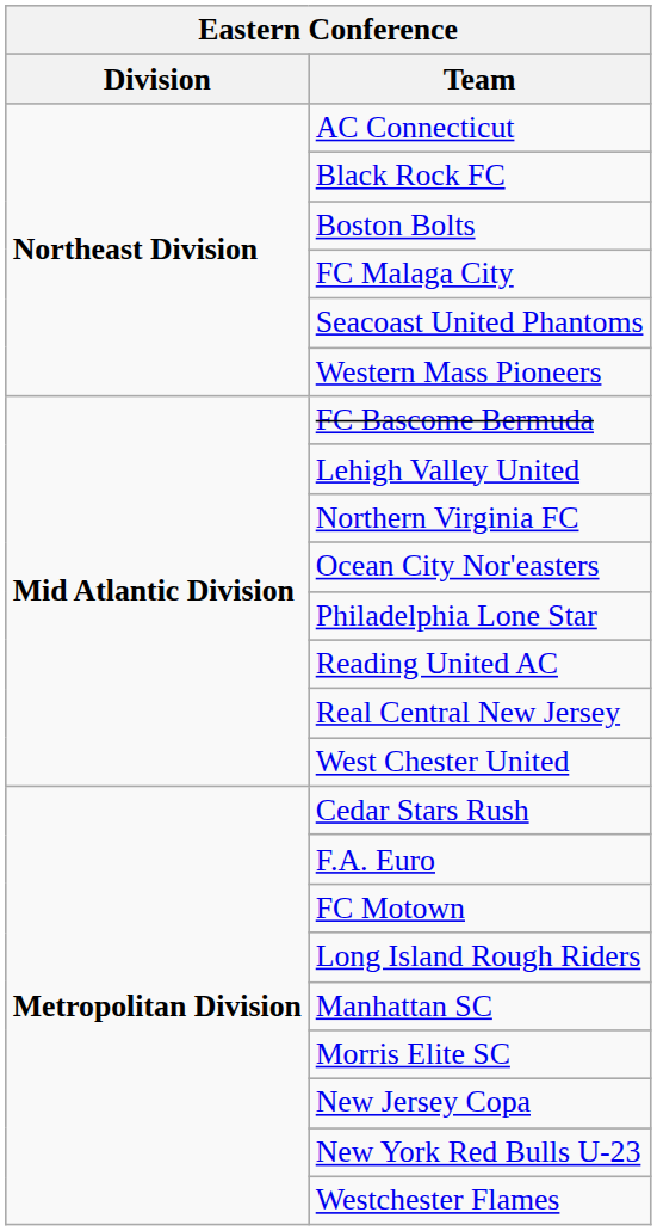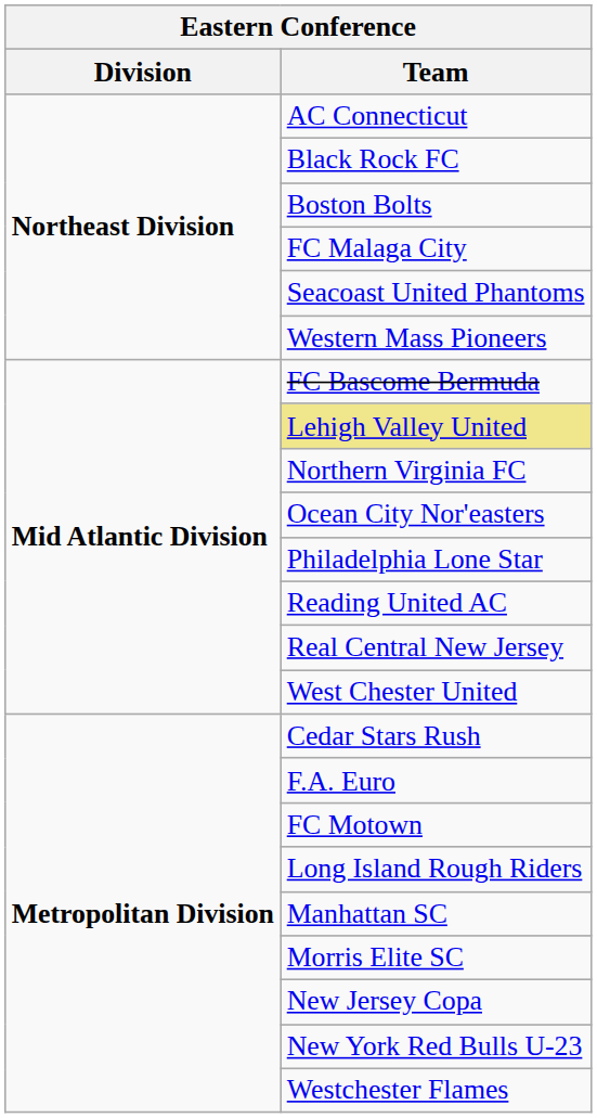 <table class="wikitable" style="text-align:left">
 <tr>
 <th colspan=3>Eastern Conference</th>
 </tr>
 <tr>
 <th>Division</th>
 <th>Team</th>
 </tr>
 <tr>
 <td rowspan=6><strong>Northeast Division</strong></td>
 <td><a href='#'>AC Connecticut</a></td>
 </tr>
 <tr>
 <td><a href='#'>Black Rock FC</a></td>
 </tr>
 <tr>
 <td><a href='#'>Boston Bolts</a></td>
 </tr>
 <tr>
 <td><a href='#'>FC Malaga City</a></td>
 </tr>
 <tr>
 <td><a href='#'>Seacoast United Phantoms</a></td>
 </tr>
 <tr>
 <td><a href='#'>Western Mass Pioneers</a></td>
 </tr>
 <tr>
 <td rowspan=8><strong>Mid Atlantic Division</strong></td>
 <td><s><a href='#'>FC Bascome Bermuda</a></s></td>
 </tr>
 <tr>
-<td><a href='#'>Lehigh Valley United</a></td>
+<td style="background: khaki;"><a href='#'>Lehigh Valley United</a></td>
 </tr>
 <tr>
 <td><a href='#'>Northern Virginia FC</a></td>
 </tr>
 <tr>
 <td><a href='#'>Ocean City Nor'easters</a></td>
 </tr>
 <tr>
 <td><a href='#'>Philadelphia Lone Star</a></td>
 </tr>
 <tr>
 <td><a href='#'>Reading United AC</a></td>
 </tr>
 <tr>
 <td><a href='#'>Real Central New Jersey</a></td>
 </tr>
 <tr>
 <td><a href='#'>West Chester United</a></td>
 </tr>
 <tr>
 <td rowspan=9><strong>Metropolitan Division</strong></td>
 <td><a href='#'>Cedar Stars Rush</a></td>
 </tr>
 <tr>
 <td><a href='#'>F.A. Euro</a></td>
 </tr>
 <tr>
 <td><a href='#'>FC Motown</a></td>
 </tr>
 <tr>
 <td><a href='#'>Long Island Rough Riders</a></td>
 </tr>
 <tr>
 <td><a href='#'>Manhattan SC</a></td>
 </tr>
 <tr>
 <td><a href='#'>Morris Elite SC</a></td>
 </tr>
 <tr>
 <td><a href='#'>New Jersey Copa</a></td>
 </tr>
 <tr>
 <td><a href='#'>New York Red Bulls U-23</a></td>
 </tr>
 <tr>
 <td><a href='#'>Westchester Flames</a></td>
 </tr>
 </table>
